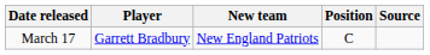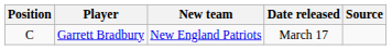 <table class="wikitable" style="text-align:center">
 <tr>
-<th>Date released</th>
+<th>Position</th>
 <th>Player</th>
 <th>New team</th>
-<th>Position</th>
+<th>Date released</th>
 <th>Source</th>
 </tr>
 <tr>
-<td>March 17</td>
+<td>C</td>
 <td><a href='#'>Garrett Bradbury</a></td>
 <td><a href='#'>New England Patriots</a></td>
-<td>C</td>
+<td>March 17</td>
 <td></td>
 </tr>
 </table>
